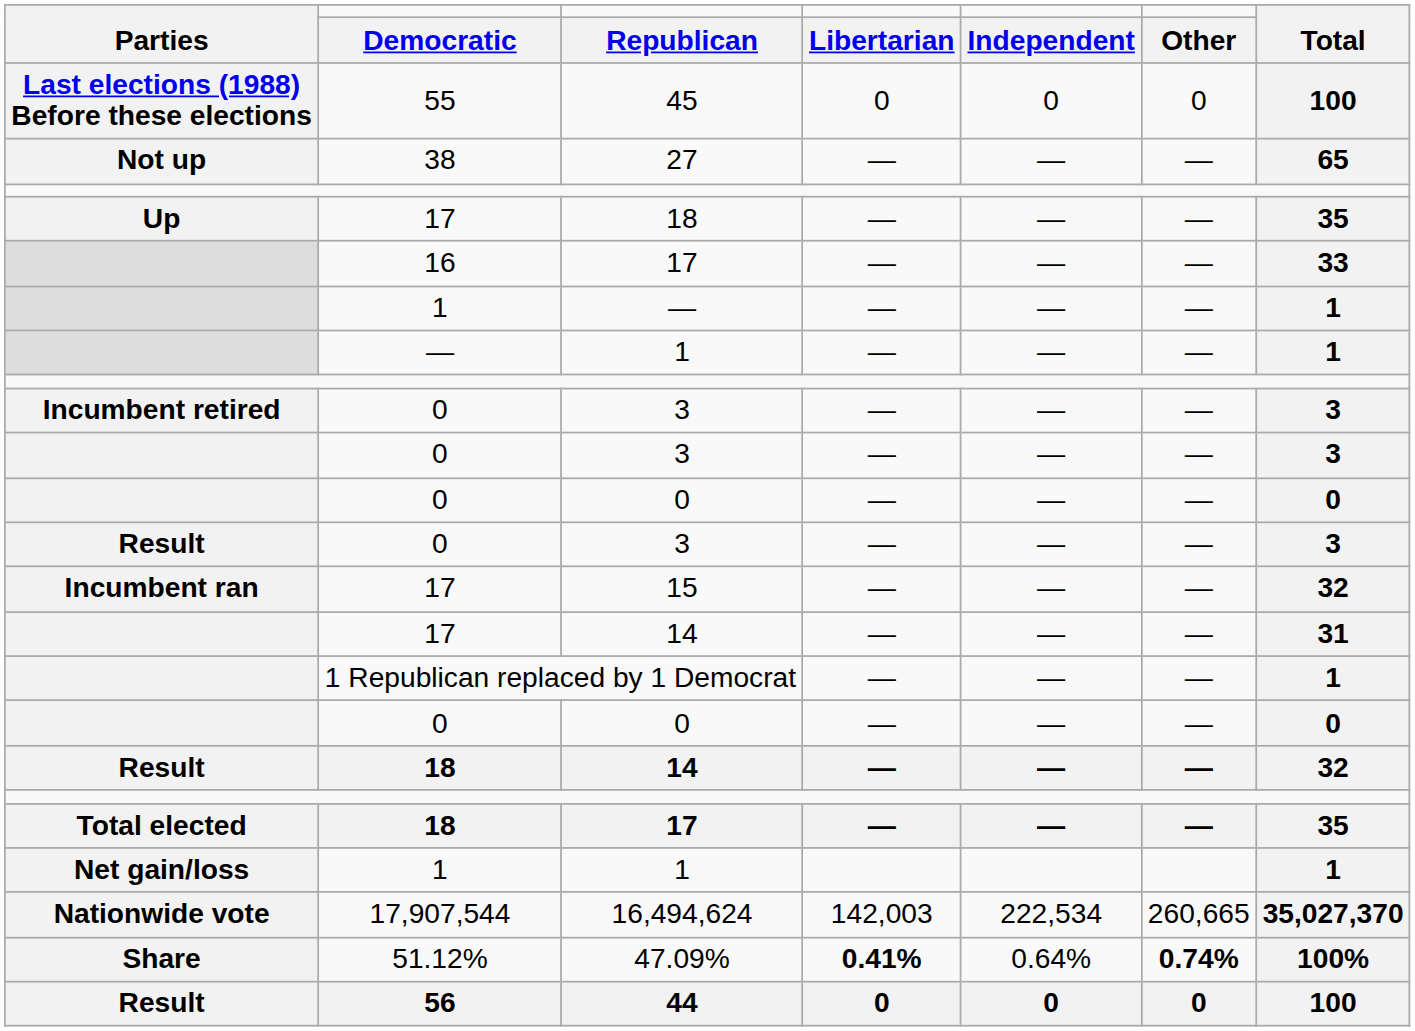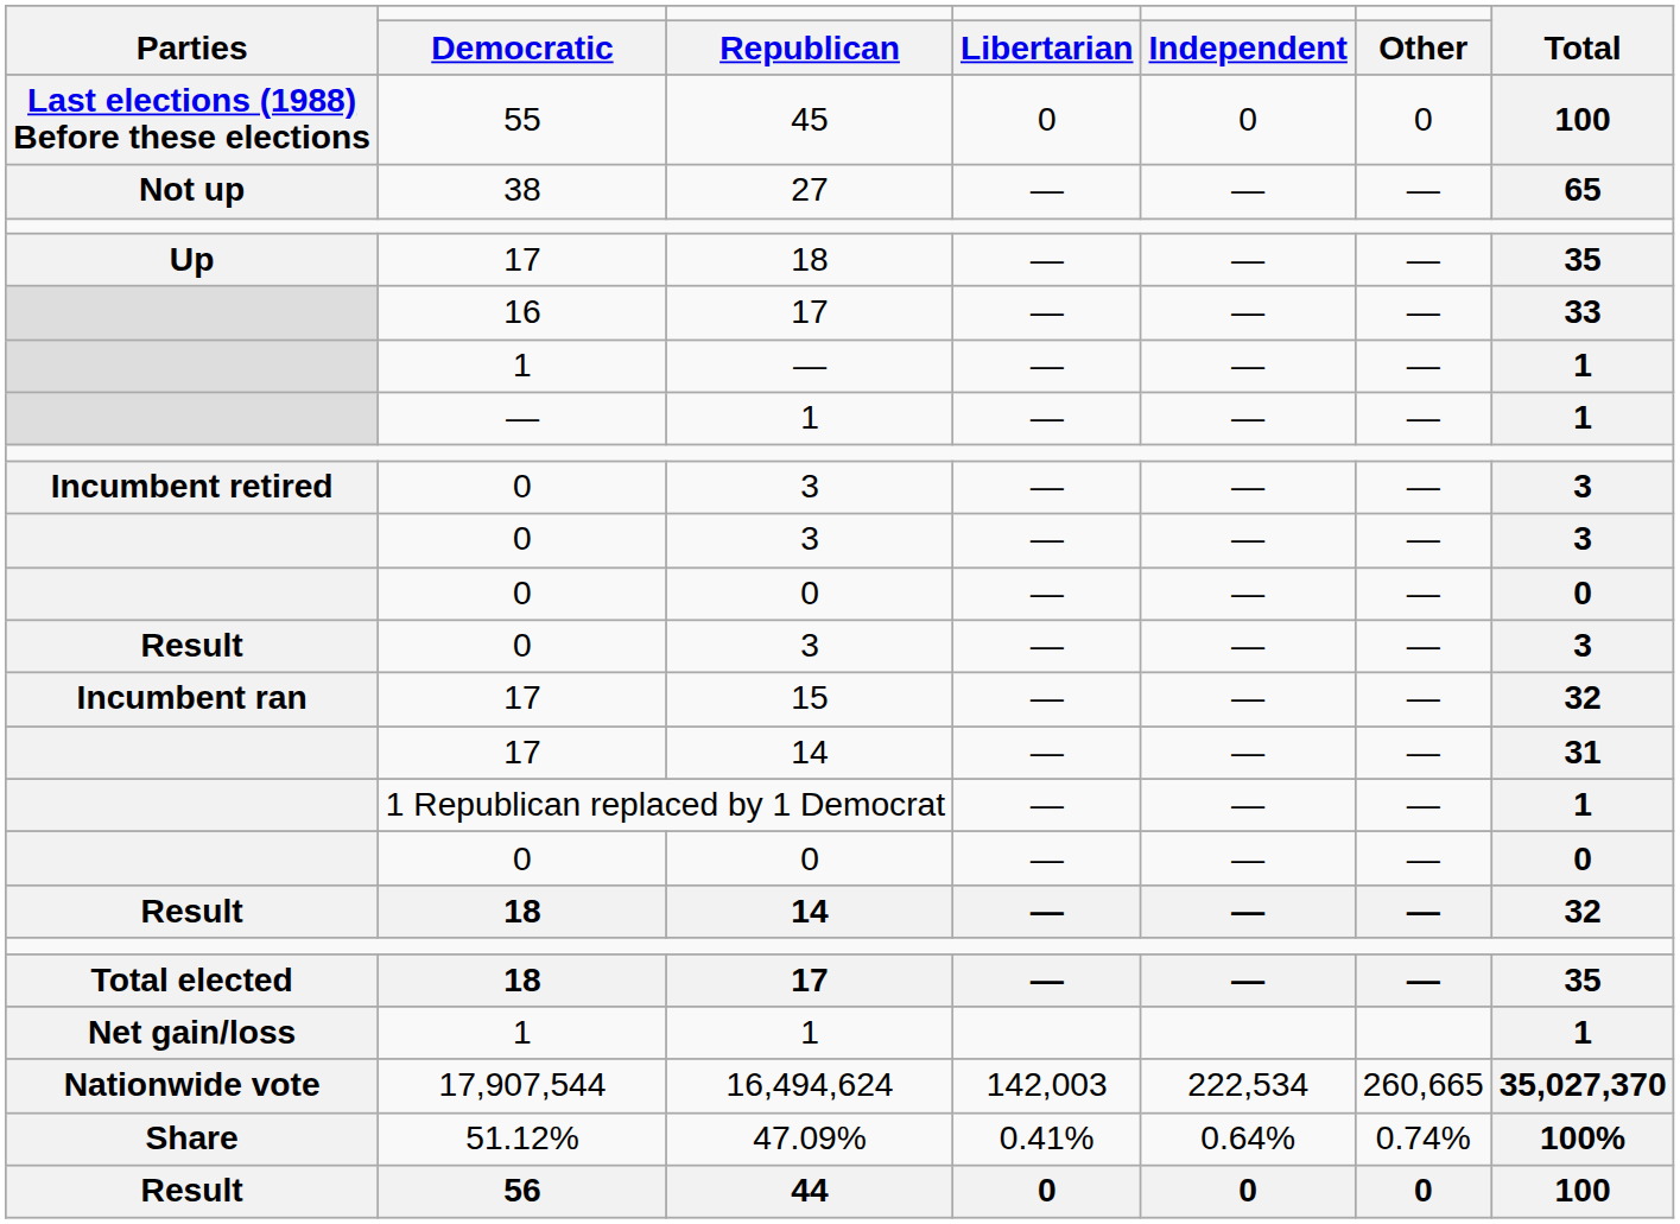 <table class=wikitable style=text-align:center>
 <tr valign=bottom>
 <th rowspan="2">Parties</th>
 <td style="background-color:"></td>
 <td style="background-color:"></td>
 <td style="background-color:"></td>
 <td style="background-color:"></td>
 <td style="background-color:"></td>
 <th rowspan=2>Total</th>
 </tr>
 <tr valign=bottom>
 <th><a href='#'>Democratic</a></th>
 <th><a href='#'>Republican</a></th>
 <th><a href='#'>Libertarian</a></th>
 <th><a href='#'>Independent</a></th>
 <th>Other</th>
 </tr>
 <tr>
 <th><a href='#'>Last elections (1988)</a><br>Before these elections</th>
 <td>55</td>
 <td>45</td>
 <td>0</td>
 <td>0</td>
 <td>0</td>
 <th>100</th>
 </tr>
 <tr>
 <th>Not up</th>
 <td>38</td>
 <td>27</td>
 <td>—</td>
 <td>—</td>
 <td>—</td>
 <th>65</th>
 </tr>
 <tr>
 <td colspan="99"></td>
 </tr>
 <tr>
 <th>Up</th>
 <td>17</td>
 <td>18</td>
 <td>—</td>
 <td>—</td>
 <td>—</td>
 <th>35</th>
 </tr>
 <tr>
 <th style="background:#ddd"></th>
 <td>16</td>
 <td>17</td>
 <td>—</td>
 <td>—</td>
 <td>—</td>
 <th>33</th>
 </tr>
 <tr>
 <th style="background:#ddd"></th>
 <td>1</td>
 <td>—</td>
 <td>—</td>
 <td>—</td>
 <td>—</td>
 <th>1</th>
 </tr>
 <tr>
 <th style="background:#ddd"></th>
 <td>—</td>
 <td>1</td>
 <td>—</td>
 <td>—</td>
 <td>—</td>
 <th>1</th>
 </tr>
 <tr>
 <td colspan="99"></td>
 </tr>
 <tr>
 <th>Incumbent retired</th>
 <td>0</td>
 <td>3</td>
 <td>—</td>
 <td>—</td>
 <td>—</td>
 <th>3</th>
 </tr>
 <tr>
 <th></th>
 <td>0</td>
 <td>3</td>
 <td>—</td>
 <td>—</td>
 <td>—</td>
 <th>3</th>
 </tr>
 <tr>
 <th></th>
 <td>0</td>
 <td>0</td>
 <td>—</td>
 <td>—</td>
 <td>—</td>
 <th>0</th>
 </tr>
 <tr>
 <th>Result</th>
 <td>0</td>
 <td>3</td>
 <td>—</td>
 <td>—</td>
 <td>—</td>
 <th>3</th>
 </tr>
 <tr>
 <th>Incumbent ran</th>
 <td>17</td>
 <td>15</td>
 <td>—</td>
 <td>—</td>
 <td>—</td>
 <th>32</th>
 </tr>
 <tr>
 <th></th>
 <td>17</td>
 <td>14</td>
 <td>—</td>
 <td>—</td>
 <td>—</td>
 <th>31</th>
 </tr>
 <tr>
 <th></th>
 <td colspan=2 >1 Republican replaced by 1 Democrat</td>
 <td>—</td>
 <td>—</td>
 <td>—</td>
 <th>1</th>
 </tr>
 <tr>
 <th></th>
 <td>0</td>
 <td>0</td>
 <td>—</td>
 <td>—</td>
 <td>—</td>
 <th>0</th>
 </tr>
 <tr>
 <th>Result</th>
 <th>18</th>
 <th>14</th>
 <th>—</th>
 <th>—</th>
 <th>—</th>
 <th>32</th>
 </tr>
 <tr>
 <td colspan="99"></td>
 </tr>
 <tr>
 <th>Total elected</th>
 <th>18</th>
 <th>17</th>
 <th>—</th>
 <th>—</th>
 <th>—</th>
 <th>35</th>
 </tr>
 <tr>
 <th>Net gain/loss</th>
 <td>1</td>
 <td>1</td>
 <td></td>
 <td></td>
 <td></td>
 <th>1</th>
 </tr>
 <tr>
 <th>Nationwide vote</th>
 <td>17,907,544</td>
 <td>16,494,624</td>
 <td>142,003</td>
 <td>222,534</td>
 <td>260,665</td>
 <th>35,027,370</th>
 </tr>
 <tr>
 <th>Share</th>
 <td>51.12%</td>
 <td>47.09%</td>
-<td><strong>0.41%</strong></td>
+<td>0.41%</td>
 <td>0.64%</td>
-<td><strong>0.74%</strong></td>
+<td>0.74%</td>
 <th>100%</th>
 </tr>
 <tr>
 <th>Result</th>
 <th>56</th>
 <th>44</th>
 <th>0</th>
 <th>0</th>
 <th>0</th>
 <th>100</th>
 </tr>
 </table>
